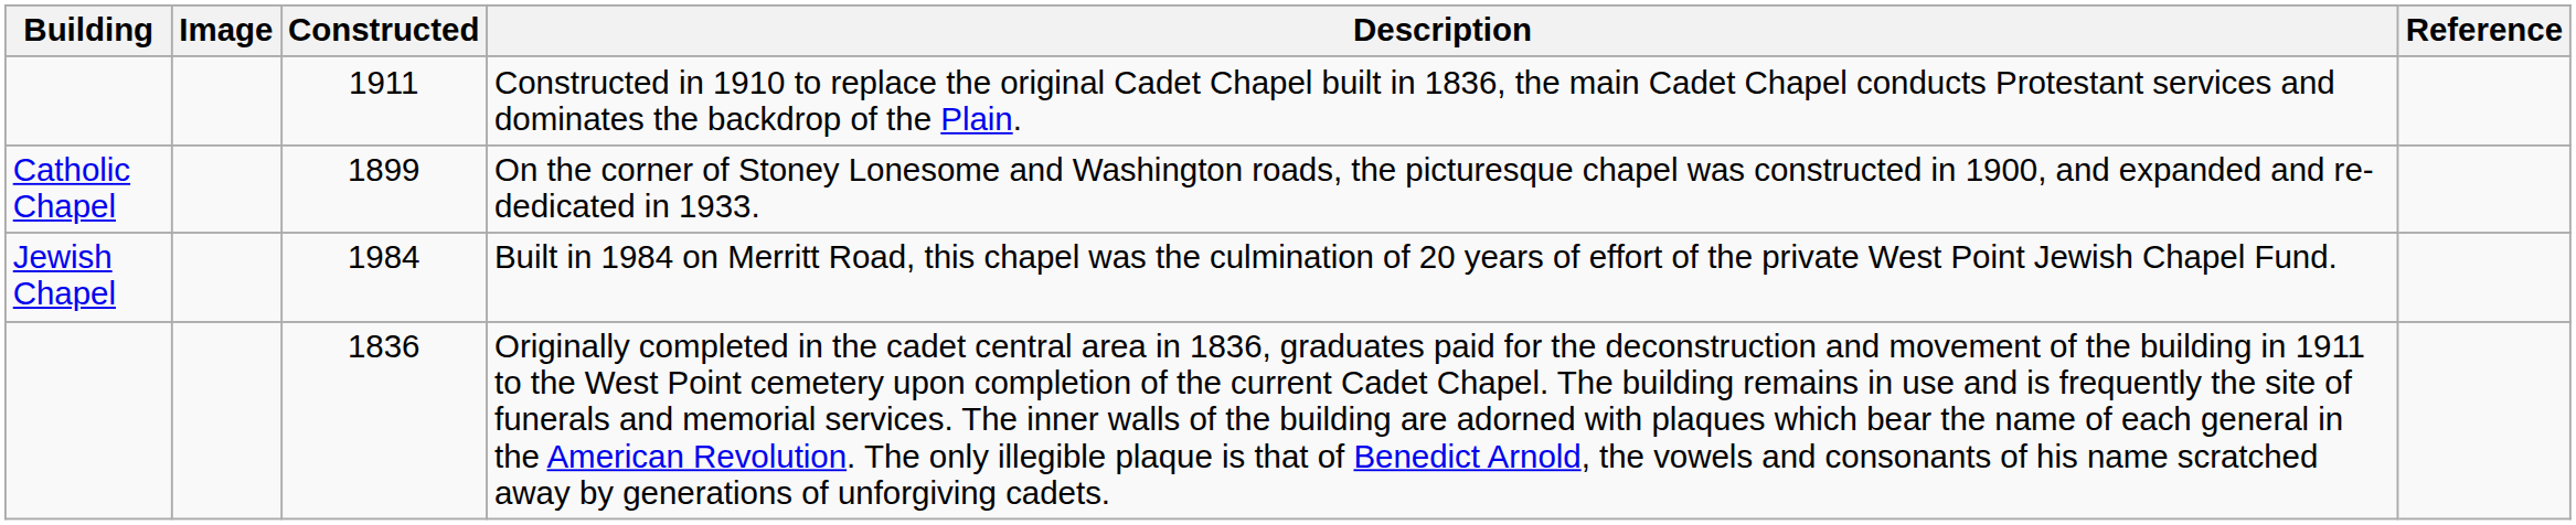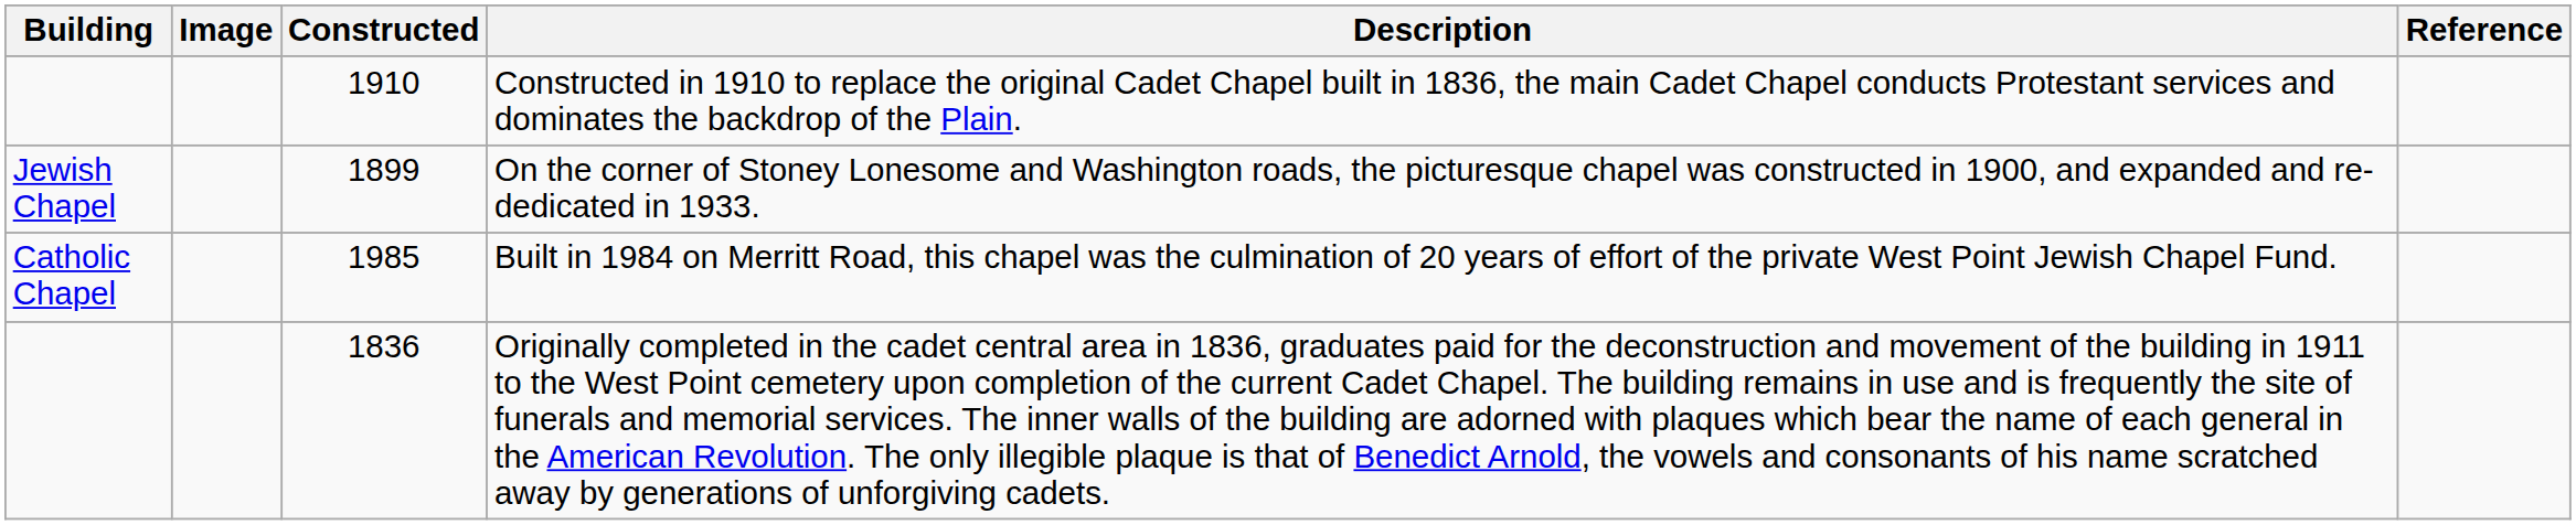 <table class="wikitable sortable" style="width:100%">
 <tr>
 <th width="*">Building</th>
 <th width="*" class="unsortable">Image</th>
 <th width="*">Constructed</th>
 <th width="*" class="unsortable">Description</th>
 <th wdith="*" class="unsortable">Reference</th>
 </tr>
 <tr valign="top">
 <td></td>
 <td align="center"></td>
-<td align="center">1911</td>
+<td align="center">1910</td>
 <td>Constructed in 1910 to replace the original Cadet Chapel built in 1836, the main Cadet Chapel conducts Protestant services and dominates the backdrop of the <a href='#'>Plain</a>.</td>
 <td align="center"></td>
 </tr>
 <tr valign="top">
-<td><a href='#'>Catholic Chapel</a></td>
+<td><a href='#'>Jewish Chapel</a></td>
 <td align="center"></td>
 <td align="center">1899</td>
 <td>On the corner of Stoney Lonesome and Washington roads, the picturesque chapel was constructed in 1900, and expanded and re-dedicated in 1933.</td>
 <td align="center"></td>
 </tr>
 <tr valign="top">
-<td><a href='#'>Jewish Chapel</a></td>
+<td><a href='#'>Catholic Chapel</a></td>
 <td align="center"></td>
-<td align="center">1984</td>
+<td align="center">1985</td>
 <td>Built in 1984 on Merritt Road, this chapel was the culmination of 20 years of effort of the private West Point Jewish Chapel Fund.</td>
 <td align="center"></td>
 </tr>
 <tr valign="top">
 <td></td>
 <td align="center"></td>
 <td align="center">1836</td>
 <td>Originally completed in the cadet central area in 1836, graduates paid for the deconstruction and movement of the building in 1911 to the West Point cemetery upon completion of the current Cadet Chapel. The building remains in use and is frequently the site of funerals and memorial services. The inner walls of the building are adorned with plaques which bear the name of each general in the <a href='#'>American Revolution</a>. The only illegible plaque is that of <a href='#'>Benedict Arnold</a>, the vowels and consonants of his name scratched away by generations of unforgiving cadets.</td>
 <td align="center"></td>
 </tr>
 </table>
